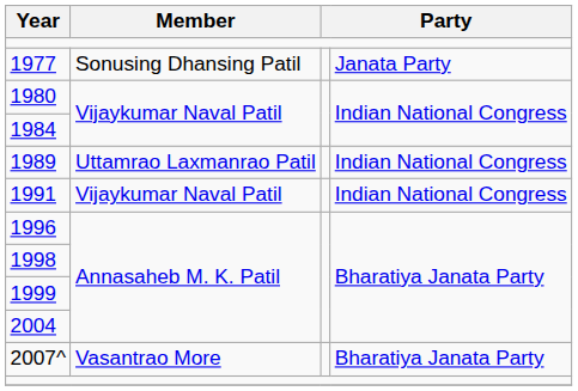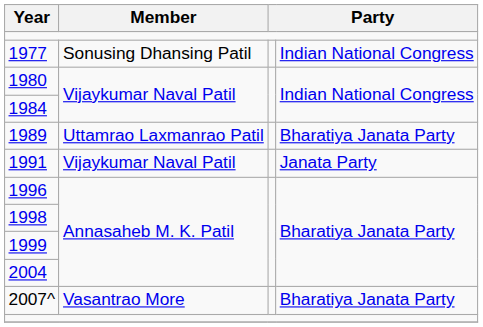 <table class="wikitable">
 <tr>
 <th>Year</th>
 <th>Member</th>
 <th colspan="2">Party</th>
 </tr>
 <tr>
 <td colspan="4"></td>
 </tr>
 <tr>
 <td><a href='#'>1977</a></td>
 <td>Sonusing Dhansing Patil</td>
 <td style="background-color: "></td>
-<td><a href='#'>Janata Party</a></td>
+<td><a href='#'>Indian National Congress</a></td>
 </tr>
 <tr>
 <td><a href='#'>1980</a></td>
 <td rowspan="2"><a href='#'>Vijaykumar Naval Patil</a></td>
 <td rowspan="2" style="background-color: "></td>
 <td rowspan="2"><a href='#'>Indian National Congress</a></td>
 </tr>
 <tr>
 <td><a href='#'>1984</a></td>
 </tr>
 <tr>
 <td><a href='#'>1989</a></td>
 <td><a href='#'>Uttamrao Laxmanrao Patil</a></td>
 <td style="background-color: "></td>
-<td><a href='#'>Indian National Congress</a></td>
+<td><a href='#'>Bharatiya Janata Party</a></td>
 </tr>
 <tr>
 <td><a href='#'>1991</a></td>
 <td><a href='#'>Vijaykumar Naval Patil</a></td>
 <td style="background-color: "></td>
-<td><a href='#'>Indian National Congress</a></td>
+<td><a href='#'>Janata Party</a></td>
 </tr>
 <tr>
 <td><a href='#'>1996</a></td>
 <td rowspan="4"><a href='#'>Annasaheb M. K. Patil</a></td>
 <td rowspan="4" style="background-color: "></td>
 <td rowspan="4"><a href='#'>Bharatiya Janata Party</a></td>
 </tr>
 <tr>
 <td><a href='#'>1998</a></td>
 </tr>
 <tr>
 <td><a href='#'>1999</a></td>
 </tr>
 <tr>
 <td><a href='#'>2004</a></td>
 </tr>
 <tr>
 <td>2007^</td>
 <td><a href='#'>Vasantrao More</a></td>
 <td style="background-color: "></td>
 <td><a href='#'>Bharatiya Janata Party</a></td>
 </tr>
 <tr>
 <td colspan="4"></td>
 </tr>
 <tr>
 </tr>
 </table>
